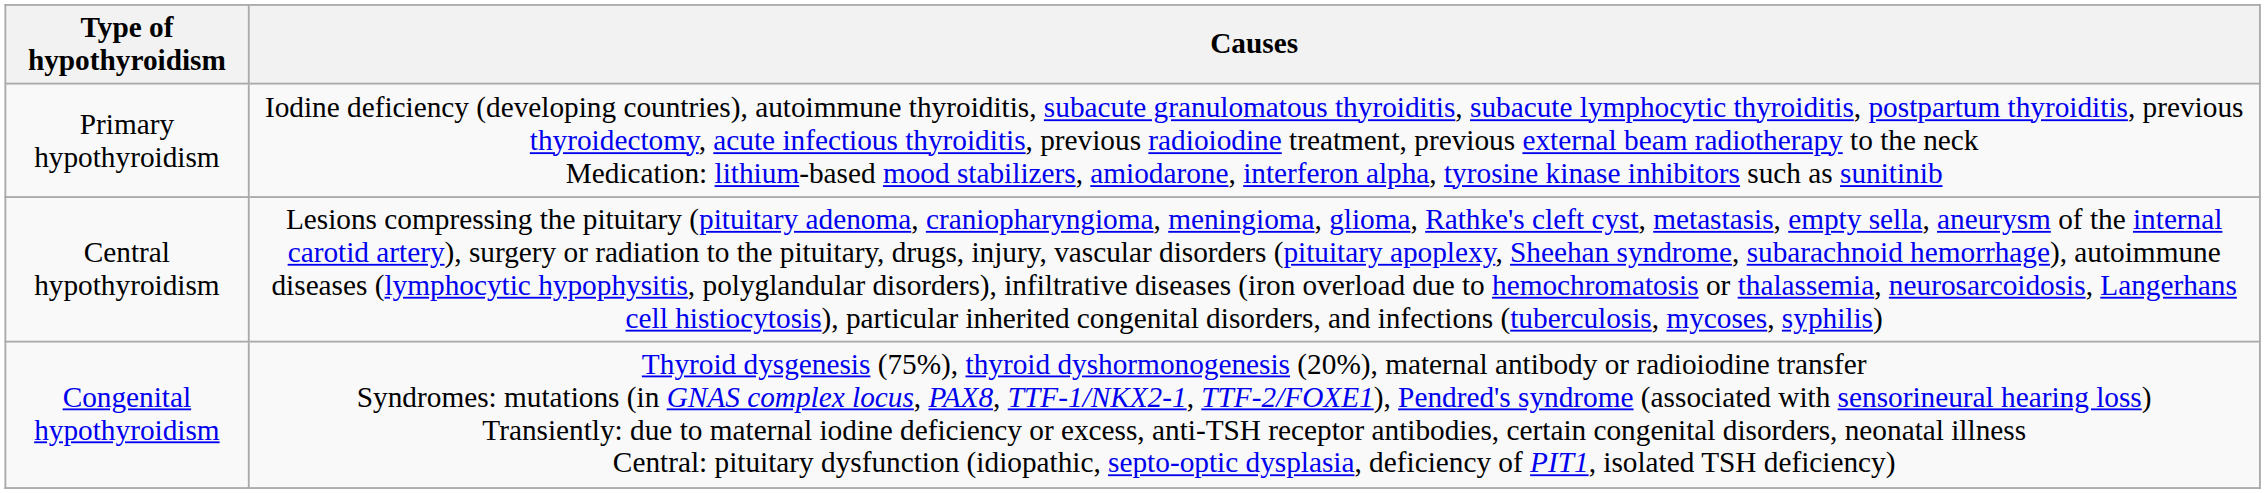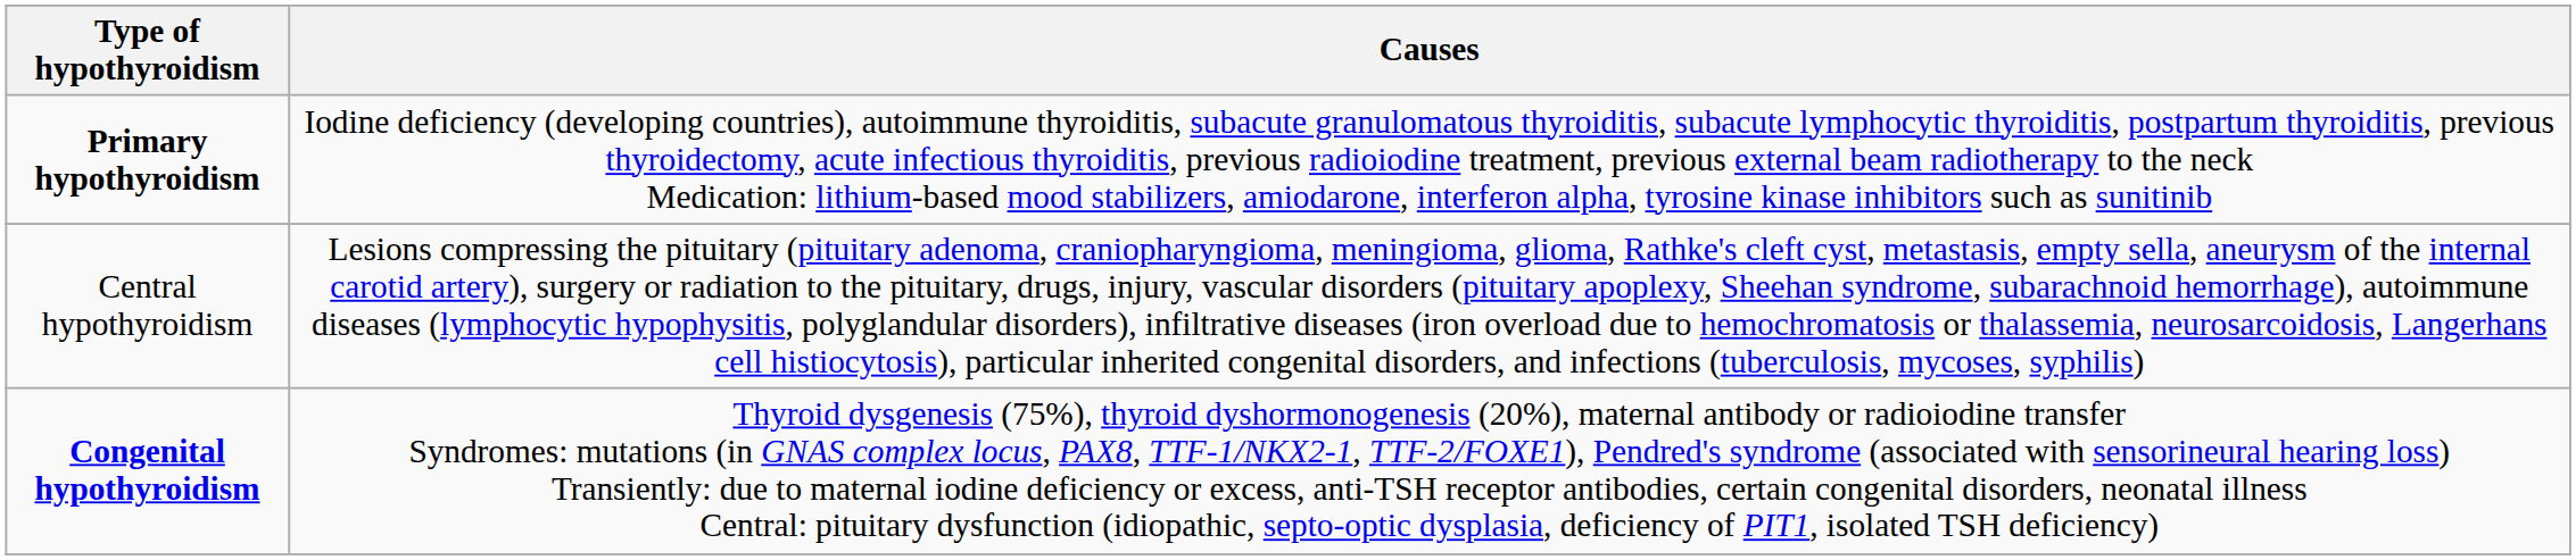 <table class="wikitable" style = "margin-left:15px; text-align:center">
 <tr>
 <th>Type of hypothyroidism</th>
 <th>Causes</th>
 </tr>
 <tr>
-<td>Primary hypothyroidism</td>
+<td><strong>Primary hypothyroidism</strong></td>
 <td>Iodine deficiency (developing countries), autoimmune thyroiditis, <a href='#'>subacute granulomatous thyroiditis</a>, <a href='#'>subacute lymphocytic thyroiditis</a>, <a href='#'>postpartum thyroiditis</a>, previous <a href='#'>thyroidectomy</a>, <a href='#'>acute infectious thyroiditis</a>, previous <a href='#'>radioiodine</a> treatment, previous <a href='#'>external beam radiotherapy</a> to the neck<br>Medication: <a href='#'>lithium</a>-based <a href='#'>mood stabilizers</a>, <a href='#'>amiodarone</a>, <a href='#'>interferon alpha</a>, <a href='#'>tyrosine kinase inhibitors</a> such as <a href='#'>sunitinib</a></td>
 </tr>
 <tr>
 <td>Central hypothyroidism</td>
 <td>Lesions compressing the pituitary (<a href='#'>pituitary adenoma</a>, <a href='#'>craniopharyngioma</a>, <a href='#'>meningioma</a>, <a href='#'>glioma</a>, <a href='#'>Rathke's cleft cyst</a>, <a href='#'>metastasis</a>, <a href='#'>empty sella</a>, <a href='#'>aneurysm</a> of the <a href='#'>internal carotid artery</a>), surgery or radiation to the pituitary, drugs, injury, vascular disorders (<a href='#'>pituitary apoplexy</a>, <a href='#'>Sheehan syndrome</a>, <a href='#'>subarachnoid hemorrhage</a>), autoimmune diseases (<a href='#'>lymphocytic hypophysitis</a>, polyglandular disorders), infiltrative diseases (iron overload due to <a href='#'>hemochromatosis</a> or <a href='#'>thalassemia</a>, <a href='#'>neurosarcoidosis</a>, <a href='#'>Langerhans cell histiocytosis</a>), particular inherited congenital disorders, and infections (<a href='#'>tuberculosis</a>, <a href='#'>mycoses</a>, <a href='#'>syphilis</a>)</td>
 </tr>
 <tr>
-<td><a href='#'>Congenital hypothyroidism</a></td>
+<td><strong><a href='#'>Congenital hypothyroidism</a></strong></td>
 <td><a href='#'>Thyroid dysgenesis</a> (75%), <a href='#'>thyroid dyshormonogenesis</a> (20%), maternal antibody or radioiodine transfer<br>Syndromes: mutations (in <em><a href='#'>GNAS complex locus</a></em>, <em><a href='#'>PAX8</a></em>, <em><a href='#'>TTF-1/NKX2-1</a></em>, <em><a href='#'>TTF-2/FOXE1</a></em>), <a href='#'>Pendred's syndrome</a> (associated with <a href='#'>sensorineural hearing loss</a>)<br>Transiently: due to maternal iodine deficiency or excess, anti-TSH receptor antibodies, certain congenital disorders, neonatal illness<br>Central: pituitary dysfunction (idiopathic, <a href='#'>septo-optic dysplasia</a>, deficiency of <em><a href='#'>PIT1</a></em>, isolated TSH deficiency)</td>
 </tr>
 </table>
